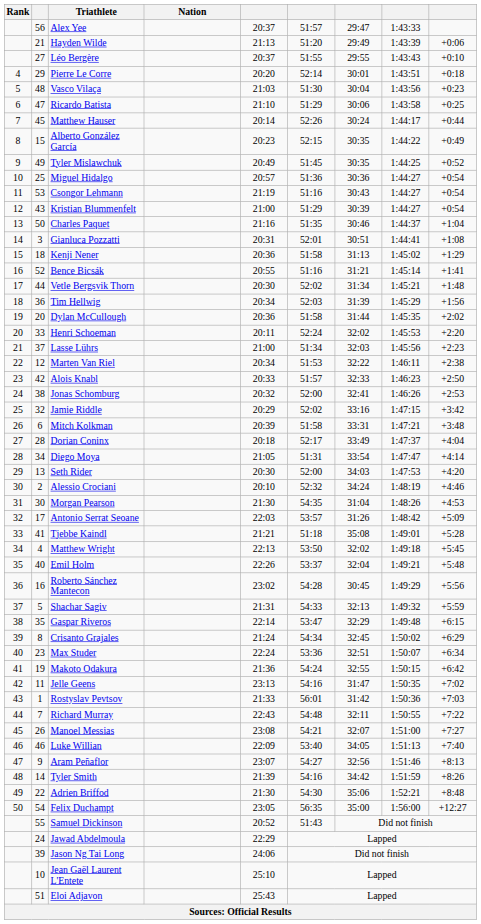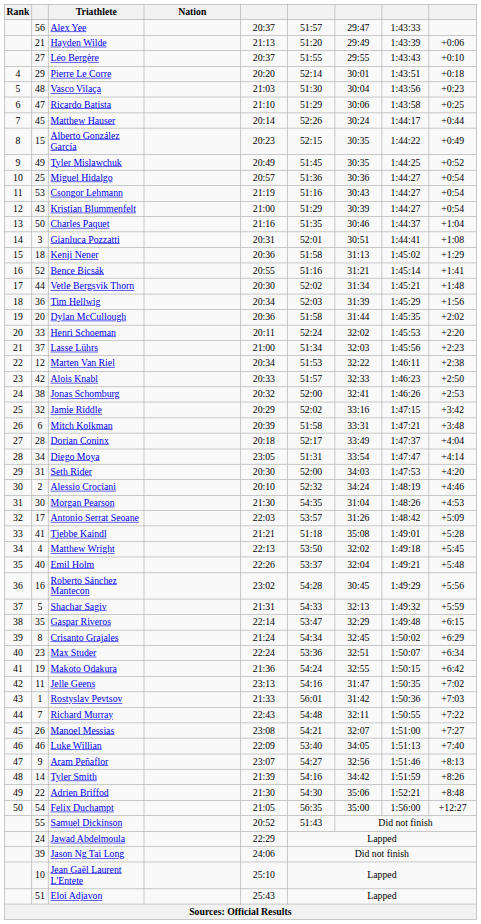 <table class="wikitable sortable" style="text-align:center">
 <tr>
 <th data-sort-type="number" width="30">Rank</th>
 <th width="20"></th>
 <th width="150">Triathlete</th>
 <th width="150">Nation</th>
 <th width="70" data-sort-type="text"></th>
 <th width="70"></th>
 <th width="70"></th>
 <th width="70"></th>
 <th width="70"></th>
 </tr>
 <tr>
 <td></td>
 <td>56</td>
 <td align="left"><a href='#'>Alex Yee</a></td>
 <td align="left"></td>
 <td>20:37</td>
 <td>51:57</td>
 <td>29:47</td>
 <td>1:43:33</td>
 <td></td>
 </tr>
 <tr>
 <td></td>
 <td>21</td>
 <td align="left"><a href='#'>Hayden Wilde</a></td>
 <td align="left"></td>
 <td>21:13</td>
 <td>51:20</td>
 <td>29:49</td>
 <td>1:43:39</td>
 <td>+0:06</td>
 </tr>
 <tr>
 <td></td>
 <td>27</td>
 <td align="left"><a href='#'>Léo Bergère</a></td>
 <td align="left"></td>
 <td>20:37</td>
 <td>51:55</td>
 <td>29:55</td>
 <td>1:43:43</td>
 <td>+0:10</td>
 </tr>
 <tr>
 <td>4</td>
 <td>29</td>
 <td align="left"><a href='#'>Pierre Le Corre</a></td>
 <td align="left"></td>
 <td>20:20</td>
 <td>52:14</td>
 <td>30:01</td>
 <td>1:43:51</td>
 <td>+0:18</td>
 </tr>
 <tr>
 <td>5</td>
 <td>48</td>
 <td align="left"><a href='#'>Vasco Vilaça</a></td>
 <td align="left"></td>
 <td>21:03</td>
 <td>51:30</td>
 <td>30:04</td>
 <td>1:43:56</td>
 <td>+0:23</td>
 </tr>
 <tr>
 <td>6</td>
 <td>47</td>
 <td align="left"><a href='#'>Ricardo Batista</a></td>
 <td align="left"></td>
 <td>21:10</td>
 <td>51:29</td>
 <td>30:06</td>
 <td>1:43:58</td>
 <td>+0:25</td>
 </tr>
 <tr>
 <td>7</td>
 <td>45</td>
 <td align="left"><a href='#'>Matthew Hauser</a></td>
 <td align="left"></td>
 <td>20:14</td>
 <td>52:26</td>
 <td>30:24</td>
 <td>1:44:17</td>
 <td>+0:44</td>
 </tr>
 <tr>
 <td>8</td>
 <td>15</td>
 <td align="left"><a href='#'>Alberto González García</a></td>
 <td align="left"></td>
 <td>20:23</td>
 <td>52:15</td>
 <td>30:35</td>
 <td>1:44:22</td>
 <td>+0:49</td>
 </tr>
 <tr>
 <td>9</td>
 <td>49</td>
 <td align="left"><a href='#'>Tyler Mislawchuk</a></td>
 <td align="left"></td>
 <td>20:49</td>
 <td>51:45</td>
 <td>30:35</td>
 <td>1:44:25</td>
 <td>+0:52</td>
 </tr>
 <tr>
 <td>10</td>
 <td>25</td>
 <td align="left"><a href='#'>Miguel Hidalgo</a></td>
 <td align="left"></td>
 <td>20:57</td>
 <td>51:36</td>
 <td>30:36</td>
 <td>1:44:27</td>
 <td>+0:54</td>
 </tr>
 <tr>
 <td>11</td>
 <td>53</td>
 <td align="left"><a href='#'>Csongor Lehmann</a></td>
 <td align="left"></td>
 <td>21:19</td>
 <td>51:16</td>
 <td>30:43</td>
 <td>1:44:27</td>
 <td>+0:54</td>
 </tr>
 <tr>
 <td>12</td>
 <td>43</td>
 <td align="left"><a href='#'>Kristian Blummenfelt</a></td>
 <td align="left"></td>
 <td>21:00</td>
 <td>51:29</td>
 <td>30:39</td>
 <td>1:44:27</td>
 <td>+0:54</td>
 </tr>
 <tr>
 <td>13</td>
 <td>50</td>
 <td align="left"><a href='#'>Charles Paquet</a></td>
 <td align="left"></td>
 <td>21:16</td>
 <td>51:35</td>
 <td>30:46</td>
 <td>1:44:37</td>
 <td>+1:04</td>
 </tr>
 <tr>
 <td>14</td>
 <td>3</td>
 <td align="left"><a href='#'>Gianluca Pozzatti</a></td>
 <td align="left"></td>
 <td>20:31</td>
 <td>52:01</td>
 <td>30:51</td>
 <td>1:44:41</td>
 <td>+1:08</td>
 </tr>
 <tr>
 <td>15</td>
 <td>18</td>
 <td align="left"><a href='#'>Kenji Nener</a></td>
 <td align="left"></td>
 <td>20:36</td>
 <td>51:58</td>
 <td>31:13</td>
 <td>1:45:02</td>
 <td>+1:29</td>
 </tr>
 <tr>
 <td>16</td>
 <td>52</td>
 <td align="left"><a href='#'>Bence Bicsák</a></td>
 <td align="left"></td>
 <td>20:55</td>
 <td>51:16</td>
 <td>31:21</td>
 <td>1:45:14</td>
 <td>+1:41</td>
 </tr>
 <tr>
 <td>17</td>
 <td>44</td>
 <td align="left"><a href='#'>Vetle Bergsvik Thorn</a></td>
 <td align="left"></td>
 <td>20:30</td>
 <td>52:02</td>
 <td>31:34</td>
 <td>1:45:21</td>
 <td>+1:48</td>
 </tr>
 <tr>
 <td>18</td>
 <td>36</td>
 <td align="left"><a href='#'>Tim Hellwig</a></td>
 <td align="left"></td>
 <td>20:34</td>
 <td>52:03</td>
 <td>31:39</td>
 <td>1:45:29</td>
 <td>+1:56</td>
 </tr>
 <tr>
 <td>19</td>
 <td>20</td>
 <td align="left"><a href='#'>Dylan McCullough</a></td>
 <td align="left"></td>
 <td>20:36</td>
 <td>51:58</td>
 <td>31:44</td>
 <td>1:45:35</td>
 <td>+2:02</td>
 </tr>
 <tr>
 <td>20</td>
 <td>33</td>
 <td align="left"><a href='#'>Henri Schoeman</a></td>
 <td align="left"></td>
 <td>20:11</td>
 <td>52:24</td>
 <td>32:02</td>
 <td>1:45:53</td>
 <td>+2:20</td>
 </tr>
 <tr>
 <td>21</td>
 <td>37</td>
 <td align="left"><a href='#'>Lasse Lührs</a></td>
 <td align="left"></td>
 <td>21:00</td>
 <td>51:34</td>
 <td>32:03</td>
 <td>1:45:56</td>
 <td>+2:23</td>
 </tr>
 <tr>
 <td>22</td>
 <td>12</td>
 <td align="left"><a href='#'>Marten Van Riel</a></td>
 <td align="left"></td>
 <td>20:34</td>
 <td>51:53</td>
 <td>32:22</td>
 <td>1:46:11</td>
 <td>+2:38</td>
 </tr>
 <tr>
 <td>23</td>
 <td>42</td>
 <td align="left"><a href='#'>Alois Knabl</a></td>
 <td align="left"></td>
 <td>20:33</td>
 <td>51:57</td>
 <td>32:33</td>
 <td>1:46:23</td>
 <td>+2:50</td>
 </tr>
 <tr>
 <td>24</td>
 <td>38</td>
 <td align="left"><a href='#'>Jonas Schomburg</a></td>
 <td align="left"></td>
 <td>20:32</td>
 <td>52:00</td>
 <td>32:41</td>
 <td>1:46:26</td>
 <td>+2:53</td>
 </tr>
 <tr>
 <td>25</td>
 <td>32</td>
 <td align="left"><a href='#'>Jamie Riddle</a></td>
 <td align="left"></td>
 <td>20:29</td>
 <td>52:02</td>
 <td>33:16</td>
 <td>1:47:15</td>
 <td>+3:42</td>
 </tr>
 <tr>
 <td>26</td>
 <td>6</td>
 <td align="left"><a href='#'>Mitch Kolkman</a></td>
 <td align="left"></td>
 <td>20:39</td>
 <td>51:58</td>
 <td>33:31</td>
 <td>1:47:21</td>
 <td>+3:48</td>
 </tr>
 <tr>
 <td>27</td>
 <td>28</td>
 <td align="left"><a href='#'>Dorian Coninx</a></td>
 <td align="left"></td>
 <td>20:18</td>
 <td>52:17</td>
 <td>33:49</td>
 <td>1:47:37</td>
 <td>+4:04</td>
 </tr>
 <tr>
 <td>28</td>
 <td>34</td>
 <td align="left"><a href='#'>Diego Moya</a></td>
 <td align="left"></td>
-<td>21:05</td>
+<td>23:05</td>
 <td>51:31</td>
 <td>33:54</td>
 <td>1:47:47</td>
 <td>+4:14</td>
 </tr>
 <tr>
 <td>29</td>
-<td>13</td>
+<td>31</td>
 <td align="left"><a href='#'>Seth Rider</a></td>
 <td align="left"></td>
 <td>20:30</td>
 <td>52:00</td>
 <td>34:03</td>
 <td>1:47:53</td>
 <td>+4:20</td>
 </tr>
 <tr>
 <td>30</td>
 <td>2</td>
 <td align="left"><a href='#'>Alessio Crociani</a></td>
 <td align="left"></td>
 <td>20:10</td>
 <td>52:32</td>
 <td>34:24</td>
 <td>1:48:19</td>
 <td>+4:46</td>
 </tr>
 <tr>
 <td>31</td>
 <td>30</td>
 <td align="left"><a href='#'>Morgan Pearson</a></td>
 <td align="left"></td>
 <td>21:30</td>
 <td>54:35</td>
 <td>31:04</td>
 <td>1:48:26</td>
 <td>+4:53</td>
 </tr>
 <tr>
 <td>32</td>
 <td>17</td>
 <td align="left"><a href='#'>Antonio Serrat Seoane</a></td>
 <td align="left"></td>
 <td>22:03</td>
 <td>53:57</td>
 <td>31:26</td>
 <td>1:48:42</td>
 <td>+5:09</td>
 </tr>
 <tr>
 <td>33</td>
 <td>41</td>
 <td align="left"><a href='#'>Tjebbe Kaindl</a></td>
 <td align="left"></td>
 <td>21:21</td>
 <td>51:18</td>
 <td>35:08</td>
 <td>1:49:01</td>
 <td>+5:28</td>
 </tr>
 <tr>
 <td>34</td>
 <td>4</td>
 <td align="left"><a href='#'>Matthew Wright</a></td>
 <td align="left"></td>
 <td>22:13</td>
 <td>53:50</td>
 <td>32:02</td>
 <td>1:49:18</td>
 <td>+5:45</td>
 </tr>
 <tr>
 <td>35</td>
 <td>40</td>
 <td align="left"><a href='#'>Emil Holm</a></td>
 <td align="left"></td>
 <td>22:26</td>
 <td>53:37</td>
 <td>32:04</td>
 <td>1:49:21</td>
 <td>+5:48</td>
 </tr>
 <tr>
 <td>36</td>
 <td>16</td>
 <td align="left"><a href='#'>Roberto Sánchez Mantecon</a></td>
 <td align="left"></td>
 <td>23:02</td>
 <td>54:28</td>
 <td>30:45</td>
 <td>1:49:29</td>
 <td>+5:56</td>
 </tr>
 <tr>
 <td>37</td>
 <td>5</td>
 <td align="left"><a href='#'>Shachar Sagiv</a></td>
 <td align="left"></td>
 <td>21:31</td>
 <td>54:33</td>
 <td>32:13</td>
 <td>1:49:32</td>
 <td>+5:59</td>
 </tr>
 <tr>
 <td>38</td>
 <td>35</td>
 <td align="left"><a href='#'>Gaspar Riveros</a></td>
 <td align="left"></td>
 <td>22:14</td>
 <td>53:47</td>
 <td>32:29</td>
 <td>1:49:48</td>
 <td>+6:15</td>
 </tr>
 <tr>
 <td>39</td>
 <td>8</td>
 <td align="left"><a href='#'>Crisanto Grajales</a></td>
 <td align="left"></td>
 <td>21:24</td>
 <td>54:34</td>
 <td>32:45</td>
 <td>1:50:02</td>
 <td>+6:29</td>
 </tr>
 <tr>
 <td>40</td>
 <td>23</td>
 <td align="left"><a href='#'>Max Studer</a></td>
 <td align="left"></td>
 <td>22:24</td>
 <td>53:36</td>
 <td>32:51</td>
 <td>1:50:07</td>
 <td>+6:34</td>
 </tr>
 <tr>
 <td>41</td>
 <td>19</td>
 <td align="left"><a href='#'>Makoto Odakura</a></td>
 <td align="left"></td>
 <td>21:36</td>
 <td>54:24</td>
 <td>32:55</td>
 <td>1:50:15</td>
 <td>+6:42</td>
 </tr>
 <tr>
 <td>42</td>
 <td>11</td>
 <td align="left"><a href='#'>Jelle Geens</a></td>
 <td align="left"></td>
 <td>23:13</td>
 <td>54:16</td>
 <td>31:47</td>
 <td>1:50:35</td>
 <td>+7:02</td>
 </tr>
 <tr>
 <td>43</td>
 <td>1</td>
 <td align="left"><a href='#'>Rostyslav Pevtsov</a></td>
 <td align="left"></td>
 <td>21:33</td>
 <td>56:01</td>
 <td>31:42</td>
 <td>1:50:36</td>
 <td>+7:03</td>
 </tr>
 <tr>
 <td>44</td>
 <td>7</td>
 <td align="left"><a href='#'>Richard Murray</a></td>
 <td align="left"></td>
 <td>22:43</td>
 <td>54:48</td>
 <td>32:11</td>
 <td>1:50:55</td>
 <td>+7:22</td>
 </tr>
 <tr>
 <td>45</td>
 <td>26</td>
 <td align="left"><a href='#'>Manoel Messias</a></td>
 <td align="left"></td>
 <td>23:08</td>
 <td>54:21</td>
 <td>32:07</td>
 <td>1:51:00</td>
 <td>+7:27</td>
 </tr>
 <tr>
 <td>46</td>
 <td>46</td>
 <td align="left"><a href='#'>Luke Willian</a></td>
 <td align="left"></td>
 <td>22:09</td>
 <td>53:40</td>
 <td>34:05</td>
 <td>1:51:13</td>
 <td>+7:40</td>
 </tr>
 <tr>
 <td>47</td>
 <td>9</td>
 <td align="left"><a href='#'>Aram Peñaflor</a></td>
 <td align="left"></td>
 <td>23:07</td>
 <td>54:27</td>
 <td>32:56</td>
 <td>1:51:46</td>
 <td>+8:13</td>
 </tr>
 <tr>
 <td>48</td>
 <td>14</td>
 <td align="left"><a href='#'>Tyler Smith</a></td>
 <td align="left"></td>
 <td>21:39</td>
 <td>54:16</td>
 <td>34:42</td>
 <td>1:51:59</td>
 <td>+8:26</td>
 </tr>
 <tr>
 <td>49</td>
 <td>22</td>
 <td align="left"><a href='#'>Adrien Briffod</a></td>
 <td align="left"></td>
 <td>21:30</td>
 <td>54:30</td>
 <td>35:06</td>
 <td>1:52:21</td>
 <td>+8:48</td>
 </tr>
 <tr>
 <td>50</td>
 <td>54</td>
 <td align="left"><a href='#'>Felix Duchampt</a></td>
 <td align="left"></td>
-<td>23:05</td>
+<td>21:05</td>
 <td>56:35</td>
 <td>35:00</td>
 <td>1:56:00</td>
 <td>+12:27</td>
 </tr>
 <tr>
 <td></td>
 <td>55</td>
 <td align="left"><a href='#'>Samuel Dickinson</a></td>
 <td align="left"></td>
 <td>20:52</td>
 <td>51:43</td>
 <td colspan="3">Did not finish</td>
 </tr>
 <tr>
 <td></td>
 <td>24</td>
 <td align="left"><a href='#'>Jawad Abdelmoula</a></td>
 <td align="left"></td>
 <td>22:29</td>
 <td colspan="4">Lapped</td>
 </tr>
 <tr>
 <td></td>
 <td>39</td>
 <td align="left"><a href='#'>Jason Ng Tai Long</a></td>
 <td align="left"></td>
 <td>24:06</td>
 <td colspan="4">Did not finish</td>
 </tr>
 <tr>
 <td></td>
 <td>10</td>
 <td align="left"><a href='#'>Jean Gaël Laurent L'Entete</a></td>
 <td align="left"></td>
 <td>25:10</td>
 <td colspan="4">Lapped</td>
 </tr>
 <tr>
 <td></td>
 <td>51</td>
 <td align="left"><a href='#'>Eloi Adjavon</a></td>
 <td align="left"></td>
 <td>25:43</td>
 <td colspan="4">Lapped</td>
 </tr>
 <tr>
 <th colspan="9">Sources: Official Results</th>
 </tr>
 </table>
